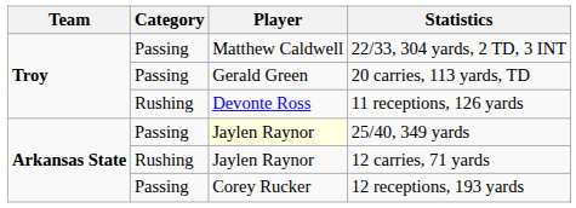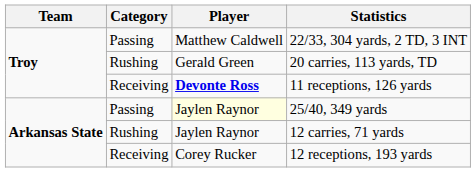 <table class="wikitable" style="float: right;">
 <tr>
 <th>Team</th>
 <th>Category</th>
 <th>Player</th>
 <th>Statistics</th>
 </tr>
 <tr>
 <td rowspan=3><strong>Troy</strong></td>
 <td>Passing</td>
 <td>Matthew Caldwell</td>
 <td>22/33, 304 yards, 2 TD, 3 INT</td>
 </tr>
 <tr>
-<td>Passing</td>
+<td>Rushing</td>
 <td>Gerald Green</td>
 <td>20 carries, 113 yards, TD</td>
 </tr>
 <tr>
-<td>Rushing</td>
-<td><a href='#'>Devonte Ross</a></td>
+<td>Receiving</td>
+<td><strong><a href='#'>Devonte Ross</a></strong></td>
 <td>11 receptions, 126 yards</td>
 </tr>
 <tr>
 <td rowspan=3><strong>Arkansas State</strong></td>
 <td>Passing</td>
 <td style="background: lightyellow;">Jaylen Raynor</td>
 <td>25/40, 349 yards</td>
 </tr>
 <tr>
 <td>Rushing</td>
 <td>Jaylen Raynor</td>
 <td>12 carries, 71 yards</td>
 </tr>
 <tr>
-<td>Passing</td>
+<td>Receiving</td>
 <td>Corey Rucker</td>
 <td>12 receptions, 193 yards</td>
 </tr>
 </table>
